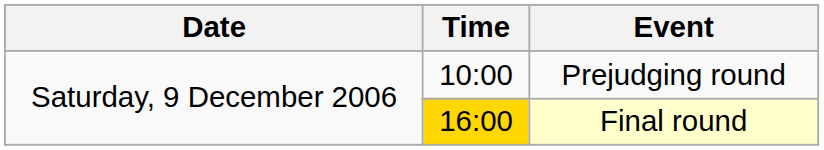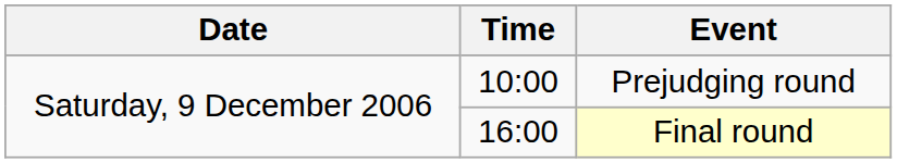 <table class = "wikitable" style="text-align:center;">
 <tr>
 <th width=220>Date</th>
 <th width=50>Time</th>
 <th width=150>Event</th>
 </tr>
 <tr>
 <td rowspan=2>Saturday, 9 December 2006</td>
 <td>10:00</td>
 <td>Prejudging round</td>
 </tr>
 <tr>
-<td style="background: gold;">16:00</td>
+<td>16:00</td>
 <td bgcolor=ffffcc>Final round</td>
 </tr>
 </table>
